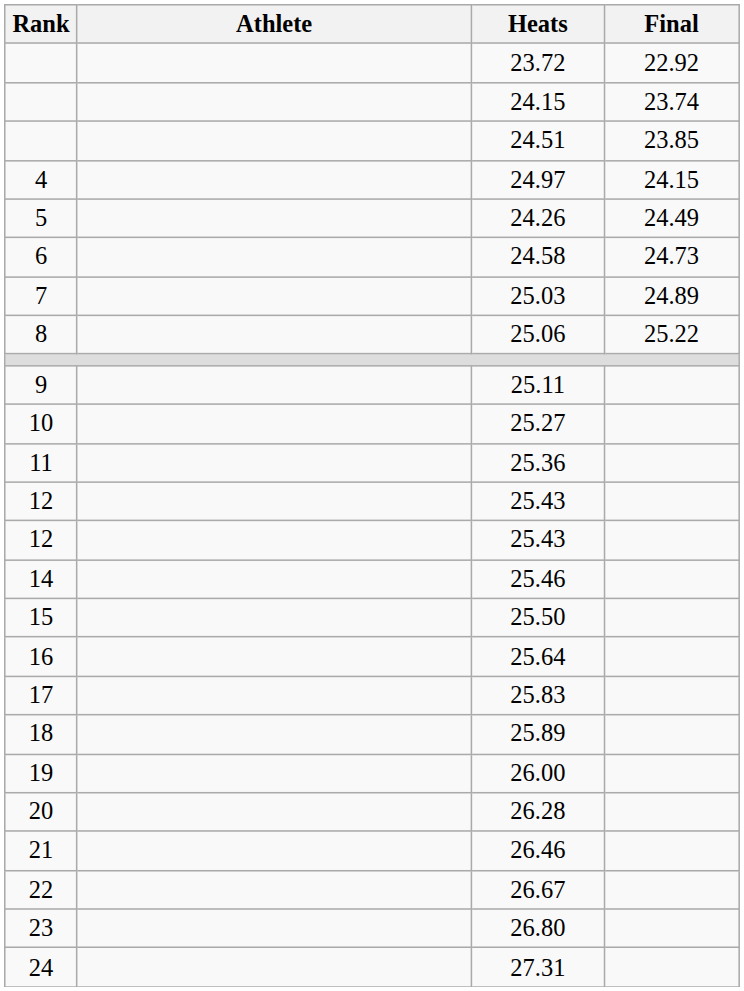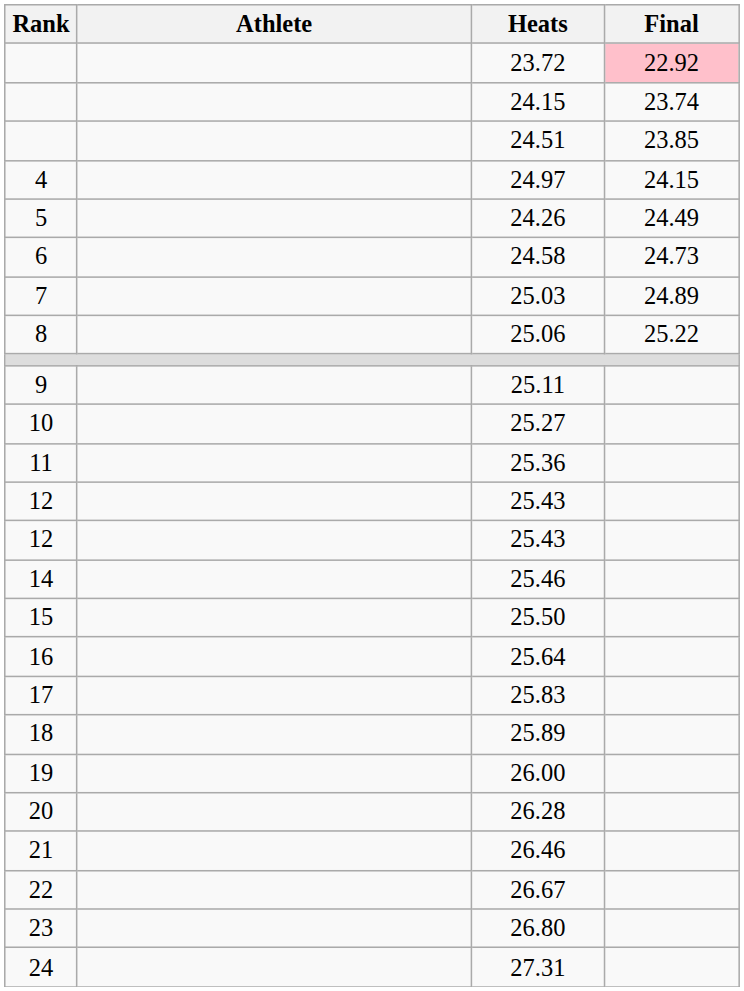 <table class=wikitable style="text-align:center">
 <tr>
 <th width=40>Rank</th>
 <th width=250>Athlete</th>
 <th width=80>Heats</th>
 <th width=80>Final</th>
 </tr>
 <tr>
 <td></td>
 <td align=left></td>
 <td>23.72</td>
-<td>22.92</td>
+<td style="background: pink;">22.92</td>
 </tr>
 <tr>
 <td></td>
 <td align=left></td>
 <td>24.15</td>
 <td>23.74</td>
 </tr>
 <tr>
 <td></td>
 <td align=left></td>
 <td>24.51</td>
 <td>23.85</td>
 </tr>
 <tr>
 <td>4</td>
 <td align=left></td>
 <td>24.97</td>
 <td>24.15</td>
 </tr>
 <tr>
 <td>5</td>
 <td align=left></td>
 <td>24.26</td>
 <td>24.49</td>
 </tr>
 <tr>
 <td>6</td>
 <td align=left></td>
 <td>24.58</td>
 <td>24.73</td>
 </tr>
 <tr>
 <td>7</td>
 <td align=left></td>
 <td>25.03</td>
 <td>24.89</td>
 </tr>
 <tr>
 <td>8</td>
 <td align=left></td>
 <td>25.06</td>
 <td>25.22</td>
 </tr>
 <tr bgcolor=#DDDDDD>
 <td colspan=4></td>
 </tr>
 <tr>
 <td>9</td>
 <td align=left></td>
 <td>25.11</td>
 <td></td>
 </tr>
 <tr>
 <td>10</td>
 <td align=left></td>
 <td>25.27</td>
 <td></td>
 </tr>
 <tr>
 <td>11</td>
 <td align=left></td>
 <td>25.36</td>
 <td></td>
 </tr>
 <tr>
 <td>12</td>
 <td align=left></td>
 <td>25.43</td>
 <td></td>
 </tr>
 <tr>
 <td>12</td>
 <td align=left></td>
 <td>25.43</td>
 <td></td>
 </tr>
 <tr>
 <td>14</td>
 <td align=left></td>
 <td>25.46</td>
 <td></td>
 </tr>
 <tr>
 <td>15</td>
 <td align=left></td>
 <td>25.50</td>
 <td></td>
 </tr>
 <tr>
 <td>16</td>
 <td align=left></td>
 <td>25.64</td>
 <td></td>
 </tr>
 <tr>
 <td>17</td>
 <td align=left></td>
 <td>25.83</td>
 <td></td>
 </tr>
 <tr>
 <td>18</td>
 <td align=left></td>
 <td>25.89</td>
 <td></td>
 </tr>
 <tr>
 <td>19</td>
 <td align=left></td>
 <td>26.00</td>
 <td></td>
 </tr>
 <tr>
 <td>20</td>
 <td align=left></td>
 <td>26.28</td>
 <td></td>
 </tr>
 <tr>
 <td>21</td>
 <td align=left></td>
 <td>26.46</td>
 <td></td>
 </tr>
 <tr>
 <td>22</td>
 <td align=left></td>
 <td>26.67</td>
 <td></td>
 </tr>
 <tr>
 <td>23</td>
 <td align=left></td>
 <td>26.80</td>
 <td></td>
 </tr>
 <tr>
 <td>24</td>
 <td align=left></td>
 <td>27.31</td>
 <td></td>
 </tr>
 </table>
